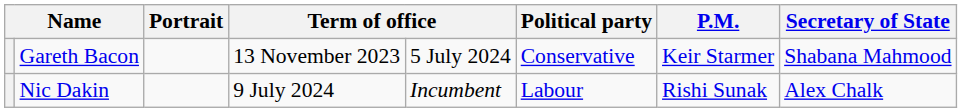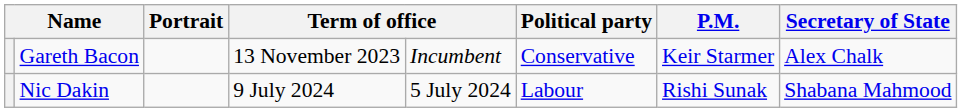 <table class="wikitable">
 <tr>
 <th colspan=2>Name</th>
 <th>Portrait</th>
 <th colspan=2>Term of office</th>
 <th>Political party</th>
 <th><a href='#'>P.M.</a></th>
 <th><a href='#'>Secretary of State</a></th>
 </tr>
 <tr>
 <th style="background-color: "></th>
 <td><a href='#'>Gareth Bacon</a></td>
 <td></td>
 <td>13 November 2023</td>
-<td>5 July 2024</td>
+<td><em>Incumbent</em></td>
 <td><a href='#'>Conservative</a></td>
 <td rowspan=1><a href='#'>Keir Starmer</a></td>
-<td rowspan=1><a href='#'>Shabana Mahmood</a></td>
+<td rowspan=1><a href='#'>Alex Chalk</a></td>
 </tr>
 <tr>
 <th style="background-color: "></th>
 <td><a href='#'>Nic Dakin</a></td>
 <td></td>
 <td>9 July 2024</td>
-<td><em>Incumbent</em></td>
+<td>5 July 2024</td>
 <td><a href='#'>Labour</a></td>
 <td rowspan=1><a href='#'>Rishi Sunak</a></td>
-<td rowspan=1><a href='#'>Alex Chalk</a></td>
+<td rowspan=1><a href='#'>Shabana Mahmood</a></td>
 </tr>
 </table>
